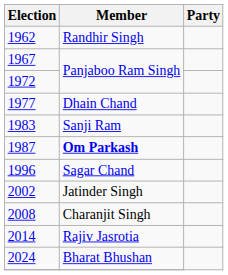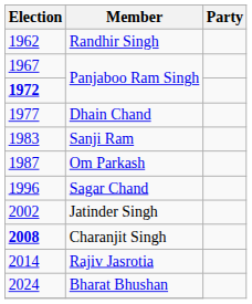 <table class="wikitable sortable">
 <tr>
 <th>Election</th>
 <th>Member</th>
 <th colspan="2">Party</th>
 </tr>
 <tr>
 <td><a href='#'>1962</a></td>
 <td><a href='#'>Randhir Singh</a></td>
 <td></td>
 </tr>
 <tr>
 <td><a href='#'>1967</a></td>
 <td rowspan=2><a href='#'>Panjaboo Ram Singh</a></td>
 <td></td>
 </tr>
 <tr>
-<td><a href='#'>1972</a></td>
+<td><strong><a href='#'>1972</a></strong></td>
 </tr>
 <tr>
 <td><a href='#'>1977</a></td>
 <td><a href='#'>Dhain Chand</a></td>
 <td></td>
 </tr>
 <tr>
 <td><a href='#'>1983</a></td>
 <td><a href='#'>Sanji Ram</a></td>
 <td></td>
 </tr>
 <tr>
 <td><a href='#'>1987</a></td>
-<td><strong><a href='#'>Om Parkash</a></strong></td>
+<td><a href='#'>Om Parkash</a></td>
 </tr>
 <tr>
 <td><a href='#'>1996</a></td>
 <td><a href='#'>Sagar Chand</a></td>
 <td></td>
 </tr>
 <tr>
 <td><a href='#'>2002</a></td>
 <td>Jatinder Singh</td>
 <td></td>
 </tr>
 <tr>
-<td><a href='#'>2008</a></td>
+<td><strong><a href='#'>2008</a></strong></td>
 <td>Charanjit Singh</td>
 <td></td>
 </tr>
 <tr>
 <td><a href='#'>2014</a></td>
 <td><a href='#'>Rajiv Jasrotia</a></td>
 <td></td>
 </tr>
 <tr>
 <td><a href='#'>2024</a></td>
 <td><a href='#'>Bharat Bhushan</a></td>
 </tr>
 <tr>
 </tr>
 </table>
